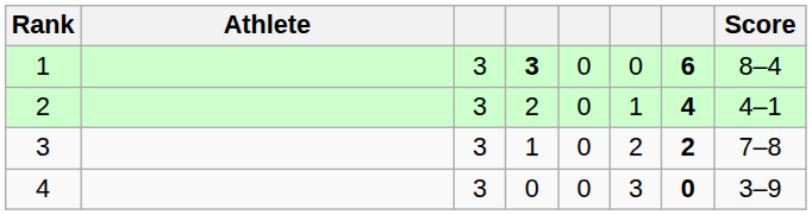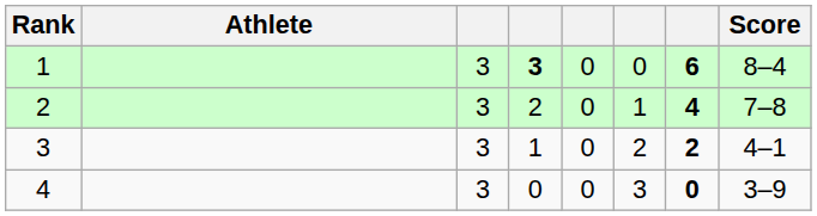 <table class="wikitable" style="text-align: center;">
 <tr>
 <th width=25>Rank</th>
 <th width=225>Athlete</th>
 <th width=25></th>
 <th width=25></th>
 <th width=25></th>
 <th width=25></th>
 <th width=25></th>
 <th width=50>Score</th>
 </tr>
 <tr bgcolor=ccffcc>
 <td>1</td>
 <td align=left></td>
 <td>3</td>
 <td><strong>3</strong></td>
 <td>0</td>
 <td>0</td>
 <td><strong>6</strong></td>
 <td>8–4</td>
 </tr>
 <tr bgcolor=ccffcc>
 <td>2</td>
 <td align=left></td>
 <td>3</td>
 <td>2</td>
 <td>0</td>
 <td>1</td>
 <td><strong>4</strong></td>
-<td>4–1</td>
+<td>7–8</td>
 </tr>
 <tr>
 <td>3</td>
 <td align=left></td>
 <td>3</td>
 <td>1</td>
 <td>0</td>
 <td>2</td>
 <td><strong>2</strong></td>
-<td>7–8</td>
+<td>4–1</td>
 </tr>
 <tr>
 <td>4</td>
 <td align=left></td>
 <td>3</td>
 <td>0</td>
 <td>0</td>
 <td>3</td>
 <td><strong>0</strong></td>
 <td>3–9</td>
 </tr>
 </table>
